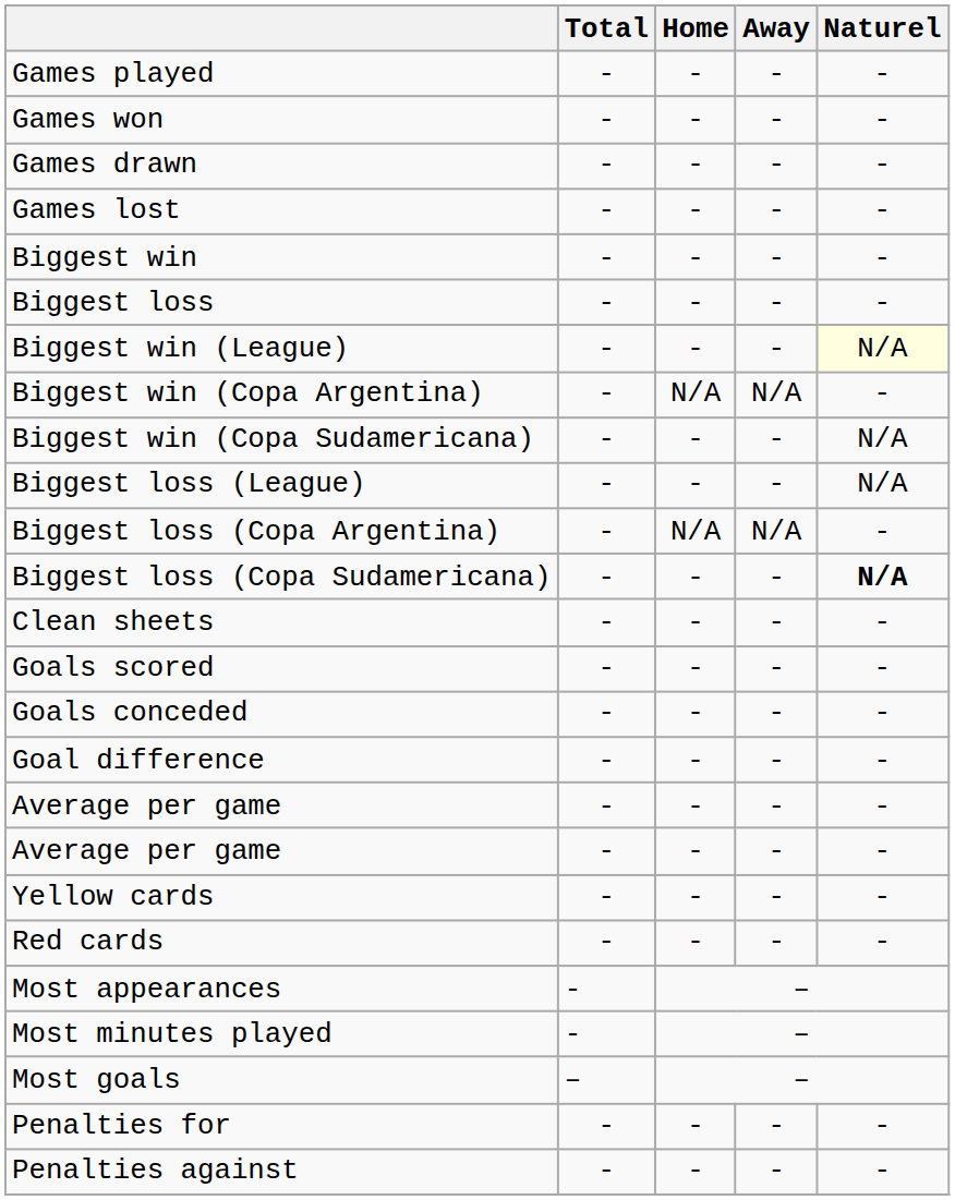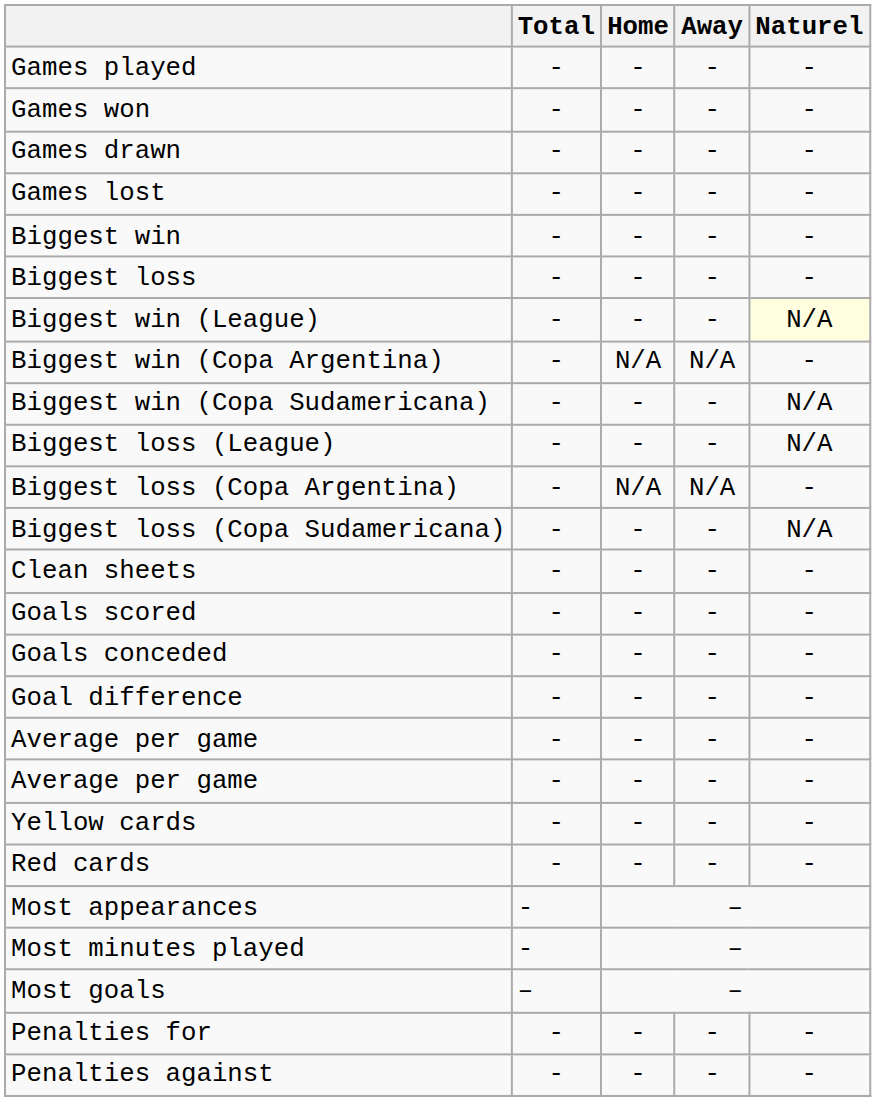 <table class="wikitable" style="text-align: center;">
 <tr>
 <th></th>
 <th>Total</th>
 <th>Home</th>
 <th>Away</th>
 <th>Naturel</th>
 </tr>
 <tr>
 <td align=left>Games played</td>
 <td>-</td>
 <td>-</td>
 <td>-</td>
 <td>-</td>
 </tr>
 <tr>
 <td align=left>Games won</td>
 <td>-</td>
 <td>-</td>
 <td>-</td>
 <td>-</td>
 </tr>
 <tr>
 <td align=left>Games drawn</td>
 <td>-</td>
 <td>-</td>
 <td>-</td>
 <td>-</td>
 </tr>
 <tr>
 <td align=left>Games lost</td>
 <td>-</td>
 <td>-</td>
 <td>-</td>
 <td>-</td>
 </tr>
 <tr>
 <td align=left>Biggest win</td>
 <td>-</td>
 <td>-</td>
 <td>-</td>
 <td>-</td>
 </tr>
 <tr>
 <td align=left>Biggest loss</td>
 <td>-</td>
 <td>-</td>
 <td>-</td>
 <td>-</td>
 </tr>
 <tr>
 <td align=left>Biggest win (League)</td>
 <td>-</td>
 <td>-</td>
 <td>-</td>
 <td style="background: lightyellow;">N/A</td>
 </tr>
 <tr>
 <td align=left>Biggest win (Copa Argentina)</td>
 <td>-</td>
 <td>N/A</td>
 <td>N/A</td>
 <td>-</td>
 </tr>
 <tr>
 <td align=left>Biggest win (Copa Sudamericana)</td>
 <td>-</td>
 <td>-</td>
 <td>-</td>
 <td>N/A</td>
 </tr>
 <tr>
 <td align=left>Biggest loss (League)</td>
 <td>-</td>
 <td>-</td>
 <td>-</td>
 <td>N/A</td>
 </tr>
 <tr>
 <td align=left>Biggest loss (Copa Argentina)</td>
 <td>-</td>
 <td>N/A</td>
 <td>N/A</td>
 <td>-</td>
 </tr>
 <tr>
 <td align=left>Biggest loss (Copa Sudamericana)</td>
 <td>-</td>
 <td>-</td>
 <td>-</td>
-<td><strong>N/A</strong></td>
+<td>N/A</td>
 </tr>
 <tr>
 <td align=left>Clean sheets</td>
 <td>-</td>
 <td>-</td>
 <td>-</td>
 <td>-</td>
 </tr>
 <tr>
 <td align=left>Goals scored</td>
 <td>-</td>
 <td>-</td>
 <td>-</td>
 <td>-</td>
 </tr>
 <tr>
 <td align=left>Goals conceded</td>
 <td>-</td>
 <td>-</td>
 <td>-</td>
 <td>-</td>
 </tr>
 <tr>
 <td align=left>Goal difference</td>
 <td>-</td>
 <td>-</td>
 <td>-</td>
 <td>-</td>
 </tr>
 <tr>
 <td align=left>Average  per game</td>
 <td>-</td>
 <td>-</td>
 <td>-</td>
 <td>-</td>
 </tr>
 <tr>
 <td align=left>Average  per game</td>
 <td>-</td>
 <td>-</td>
 <td>-</td>
 <td>-</td>
 </tr>
 <tr>
 <td align=left>Yellow cards</td>
 <td>-</td>
 <td>-</td>
 <td>-</td>
 <td>-</td>
 </tr>
 <tr>
 <td align=left>Red cards</td>
 <td>-</td>
 <td>-</td>
 <td>-</td>
 <td>-</td>
 </tr>
 <tr>
 <td align=left>Most appearances</td>
 <td align=left>-</td>
 <td colspan=4>–</td>
 </tr>
 <tr>
 <td align=left>Most minutes played</td>
 <td align=left>-</td>
 <td colspan=4>–</td>
 </tr>
 <tr>
 <td align=left>Most goals</td>
 <td align=left>–</td>
 <td colspan=4>–</td>
 </tr>
 <tr>
 <td align=left>Penalties for</td>
 <td>-</td>
 <td>-</td>
 <td>-</td>
 <td>-</td>
 </tr>
 <tr>
 <td align=left>Penalties against</td>
 <td>-</td>
 <td>-</td>
 <td>-</td>
 <td>-</td>
 </tr>
 <tr>
 </tr>
 </table>
